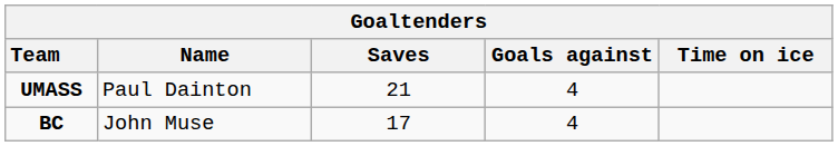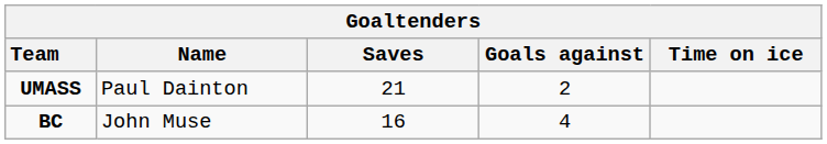 <table class="wikitable" style="width:40em; text-align:right;">
 <tr>
 <th colspan=5>Goaltenders</th>
 </tr>
 <tr>
 <th style="width:4em; text-align:left;">Team</th>
 <th style="width:10em;">Name</th>
 <th style="width:8em;">Saves</th>
 <th style="width:8em;">Goals against</th>
 <th style="width:8em;">Time on ice</th>
 </tr>
 <tr>
 <td align=center><strong>UMASS</strong></td>
 <td style="text-align:left;">Paul Dainton</td>
 <td align=center>21</td>
-<td align=center>4</td>
+<td align=center>2</td>
 <td align=center></td>
 </tr>
 <tr>
 <td align=center><strong>BC</strong></td>
 <td style="text-align:left;">John Muse</td>
-<td align=center>17</td>
+<td align=center>16</td>
 <td align=center>4</td>
 <td align=center></td>
 </tr>
 </table>
